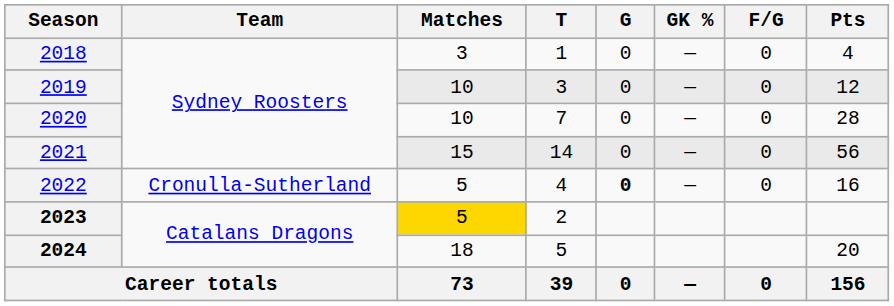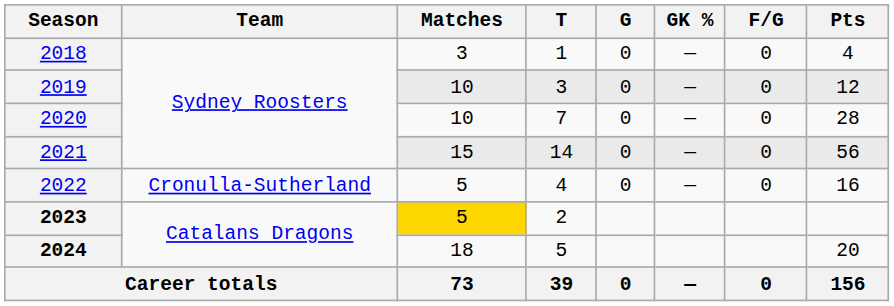 <table class="wikitable sortable"  style="font-size:90%; text-align:center; width:85%;">
 <tr>
 <th width=2%>Season</th>
 <th width=8%>Team</th>
 <th width=2%>Matches</th>
 <th width=2%>T</th>
 <th width=2%>G</th>
 <th width=2%>GK %</th>
 <th width=2%>F/G</th>
 <th width=2%>Pts</th>
 </tr>
 <tr>
 <th scope="row" style="text-align:center; font-weight:normal"><a href='#'>2018</a></th>
 <td rowspan="4" style="text-align:center;"> <a href='#'>Sydney Roosters</a></td>
 <td>3</td>
 <td>1</td>
 <td>0</td>
 <td>—</td>
 <td>0</td>
 <td>4</td>
 </tr>
 <tr style="background:#eaeaea;">
 <th scope="row" style="text-align:center; font-weight:normal"><a href='#'>2019</a></th>
 <td>10</td>
 <td>3</td>
 <td>0</td>
 <td>—</td>
 <td>0</td>
 <td>12</td>
 </tr>
 <tr>
 <th scope="row" style="text-align:center; font-weight:normal"><a href='#'>2020</a></th>
 <td>10</td>
 <td>7</td>
 <td>0</td>
 <td>—</td>
 <td>0</td>
 <td>28</td>
 </tr>
 <tr style="background:#eaeaea;">
 <th scope="row" style="text-align:center; font-weight:normal"><a href='#'>2021</a></th>
 <td>15</td>
 <td>14</td>
 <td>0</td>
 <td>—</td>
 <td>0</td>
 <td>56</td>
 </tr>
 <tr>
 <th scope="row" style="text-align:center; font-weight:normal"><a href='#'>2022</a></th>
 <td style="text-align:center;"> <a href='#'>Cronulla-Sutherland</a></td>
 <td>5</td>
 <td>4</td>
-<td><strong>0</strong></td>
+<td>0</td>
 <td>—</td>
 <td>0</td>
 <td>16</td>
 </tr>
 <tr>
 <th>2023</th>
 <td rowspan="2"> <a href='#'>Catalans Dragons</a></td>
 <td style="background: gold;">5</td>
 <td>2</td>
 <td></td>
 <td></td>
 <td></td>
 <td></td>
 </tr>
 <tr>
 <th>2024</th>
 <td>18</td>
 <td>5</td>
 <td></td>
 <td></td>
 <td></td>
 <td>20</td>
 </tr>
 <tr class="sortbottom">
 <th colspan="2">Career totals</th>
 <th>73</th>
 <th>39</th>
 <th>0</th>
 <th>—</th>
 <th>0</th>
 <th>156</th>
 </tr>
 </table>
